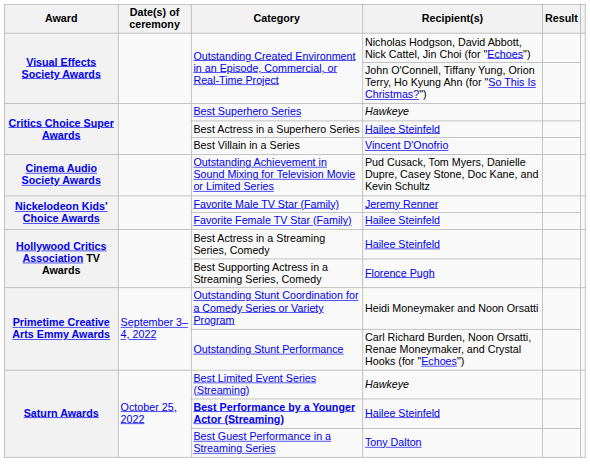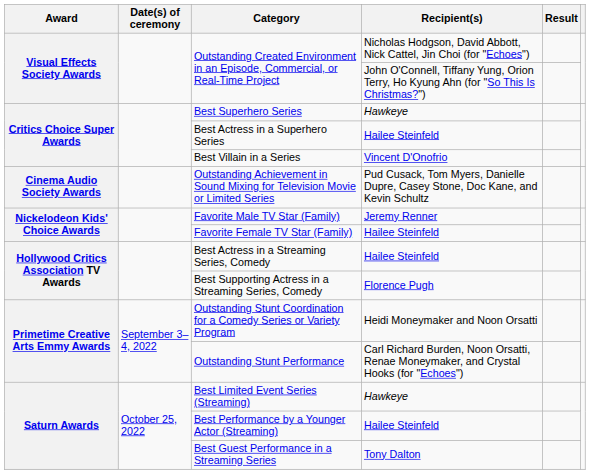 <table class="wikitable sortable plainrowheaders">
 <tr>
 <th scope="col">Award</th>
 <th scope="col">Date(s) of ceremony</th>
 <th scope="col">Category</th>
 <th scope="col">Recipient(s)</th>
 <th scope="col">Result</th>
 <th scope="col" class="unsortable"></th>
 </tr>
 <tr>
 <th rowspan="2" scope="row" style="text-align:center;"><a href='#'>Visual Effects Society Awards</a></th>
 <td rowspan="2"><a href='#'></a></td>
 <td rowspan="2"><a href='#'>Outstanding Created Environment in an Episode, Commercial, or Real-Time Project</a></td>
 <td>Nicholas Hodgson, David Abbott, Nick Cattel, Jin Choi (for "<a href='#'>Echoes</a>")</td>
 <td></td>
 <td rowspan="2" style="text-align:center;"></td>
 </tr>
 <tr>
 <td>John O'Connell, Tiffany Yung, Orion Terry, Ho Kyung Ahn (for "<a href='#'>So This Is Christmas?</a>")</td>
 <td></td>
 </tr>
 <tr>
 <th rowspan="3" scope="row" style="text-align:center;"><a href='#'>Critics Choice Super Awards</a></th>
 <td rowspan="3"><a href='#'></a></td>
 <td><a href='#'>Best Superhero Series</a></td>
 <td><em>Hawkeye</em></td>
 <td></td>
 <td rowspan="3" style="text-align:center;"></td>
 </tr>
 <tr>
 <td>Best Actress in a Superhero Series</td>
 <td><a href='#'>Hailee Steinfeld</a></td>
 <td></td>
 </tr>
 <tr>
 <td>Best Villain in a Series</td>
 <td><a href='#'>Vincent D'Onofrio</a></td>
 <td></td>
 </tr>
 <tr>
 <th scope="row" style="text-align:center;"><a href='#'>Cinema Audio Society Awards</a></th>
 <td><a href='#'></a></td>
 <td><a href='#'>Outstanding Achievement in Sound Mixing for Television Movie or Limited Series</a></td>
 <td>Pud Cusack, Tom Myers, Danielle Dupre, Casey Stone, Doc Kane, and Kevin Schultz</td>
 <td></td>
 <td style="text-align:center;"></td>
 </tr>
 <tr>
 <th scope="row" style="text-align:center;" rowspan="2"><a href='#'>Nickelodeon Kids' Choice Awards</a></th>
 <td rowspan="2"><a href='#'></a></td>
 <td><a href='#'>Favorite Male TV Star (Family)</a></td>
 <td><a href='#'>Jeremy Renner</a></td>
 <td></td>
 <td rowspan="2" style="text-align:center;"></td>
 </tr>
 <tr>
 <td><a href='#'>Favorite Female TV Star (Family)</a></td>
 <td><a href='#'>Hailee Steinfeld</a></td>
 <td></td>
 </tr>
 <tr>
 <th rowspan="2" scope="row" style="text-align:center;"><a href='#'>Hollywood Critics Association</a> TV Awards</th>
 <td rowspan="2"><a href='#'></a></td>
 <td>Best Actress in a Streaming Series, Comedy</td>
 <td><a href='#'>Hailee Steinfeld</a></td>
 <td></td>
 <td rowspan="2" style="text-align: center;"></td>
 </tr>
 <tr>
 <td>Best Supporting Actress in a Streaming Series, Comedy</td>
 <td><a href='#'>Florence Pugh</a></td>
 <td></td>
 </tr>
 <tr>
 <th rowspan="2" scope="row" style="text-align:center;"><a href='#'>Primetime Creative Arts Emmy Awards</a></th>
 <td rowspan="2"><a href='#'>September 3–4, 2022</a></td>
 <td><a href='#'>Outstanding Stunt Coordination for a Comedy Series or Variety Program</a></td>
 <td>Heidi Moneymaker and Noon Orsatti</td>
 <td></td>
 <td rowspan="2" style="text-align: center;"></td>
 </tr>
 <tr>
 <td><a href='#'>Outstanding Stunt Performance</a></td>
 <td>Carl Richard Burden, Noon Orsatti, Renae Moneymaker, and Crystal Hooks (for "<a href='#'>Echoes</a>")</td>
 <td></td>
 </tr>
 <tr>
 <th rowspan="3" scope="row" style="text-align: center;"><a href='#'>Saturn Awards</a></th>
 <td rowspan="3"><a href='#'>October 25, 2022</a></td>
 <td><a href='#'>Best Limited Event Series (Streaming)</a></td>
 <td><em>Hawkeye</em></td>
 <td></td>
 <td rowspan="3" style="text-align: center;"></td>
 </tr>
 <tr>
-<td><strong><a href='#'>Best Performance by a Younger Actor (Streaming)</a></strong></td>
+<td><a href='#'>Best Performance by a Younger Actor (Streaming)</a></td>
 <td><a href='#'>Hailee Steinfeld</a></td>
 <td></td>
 </tr>
 <tr>
 <td><a href='#'>Best Guest Performance in a Streaming Series</a></td>
 <td><a href='#'>Tony Dalton</a></td>
 <td></td>
 </tr>
 </table>
